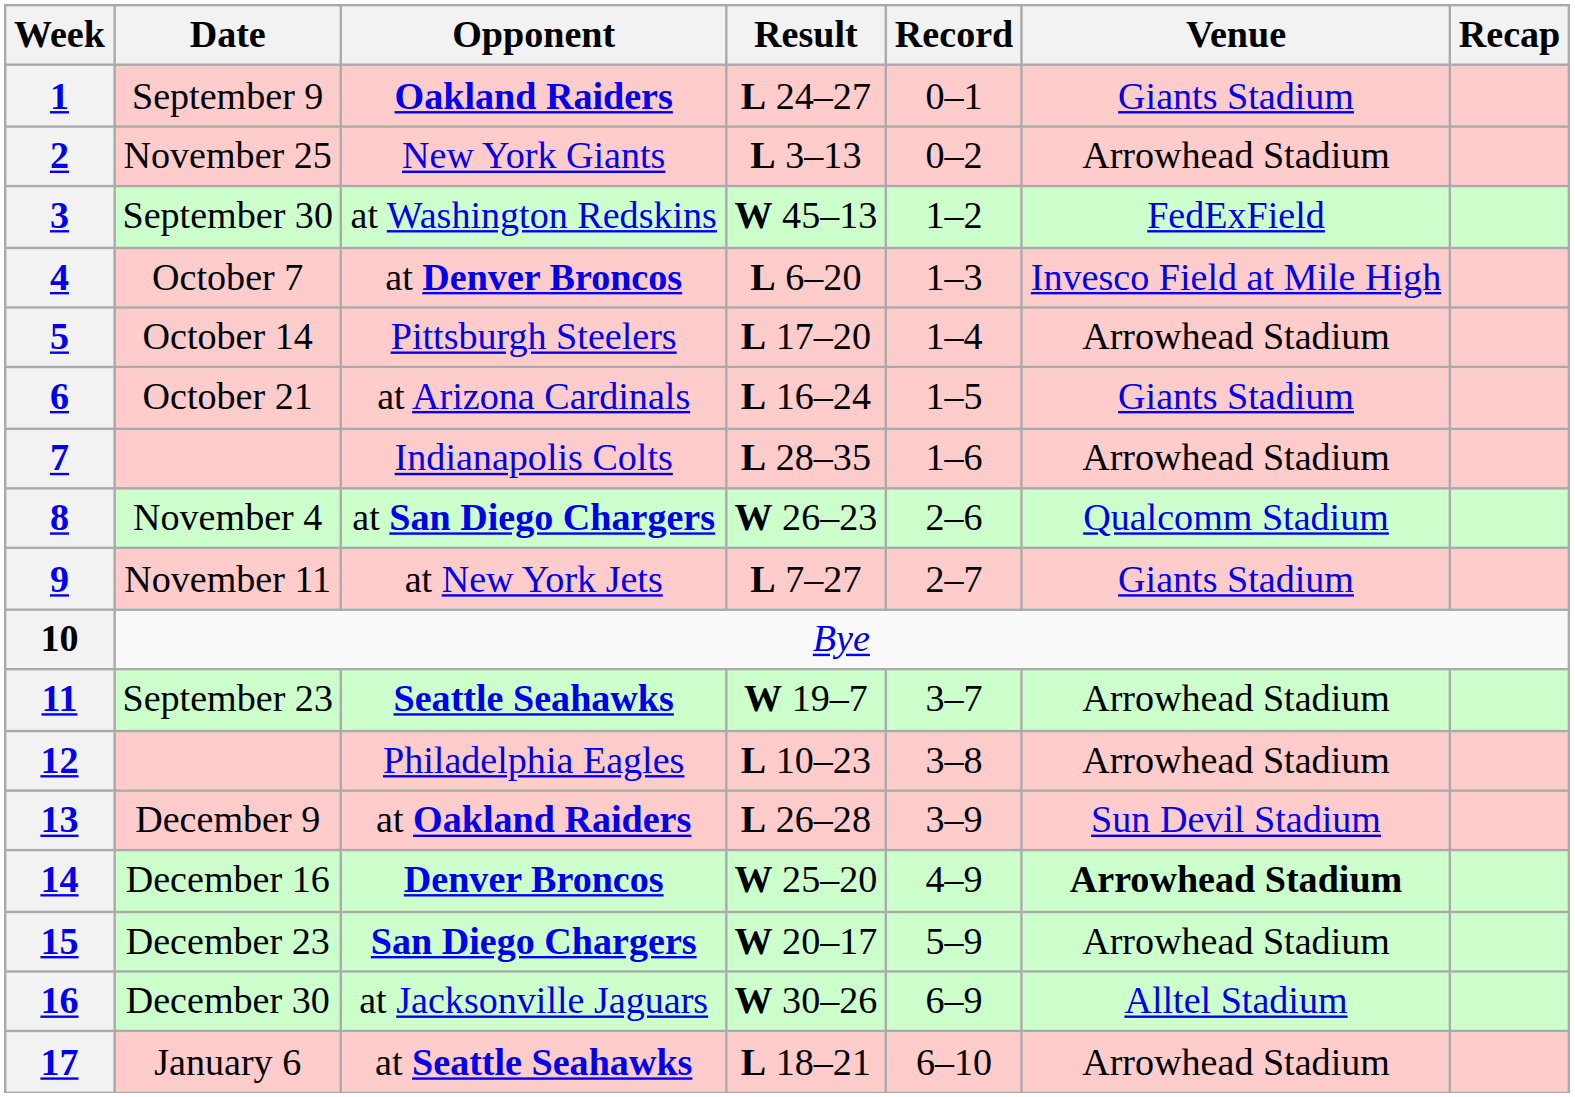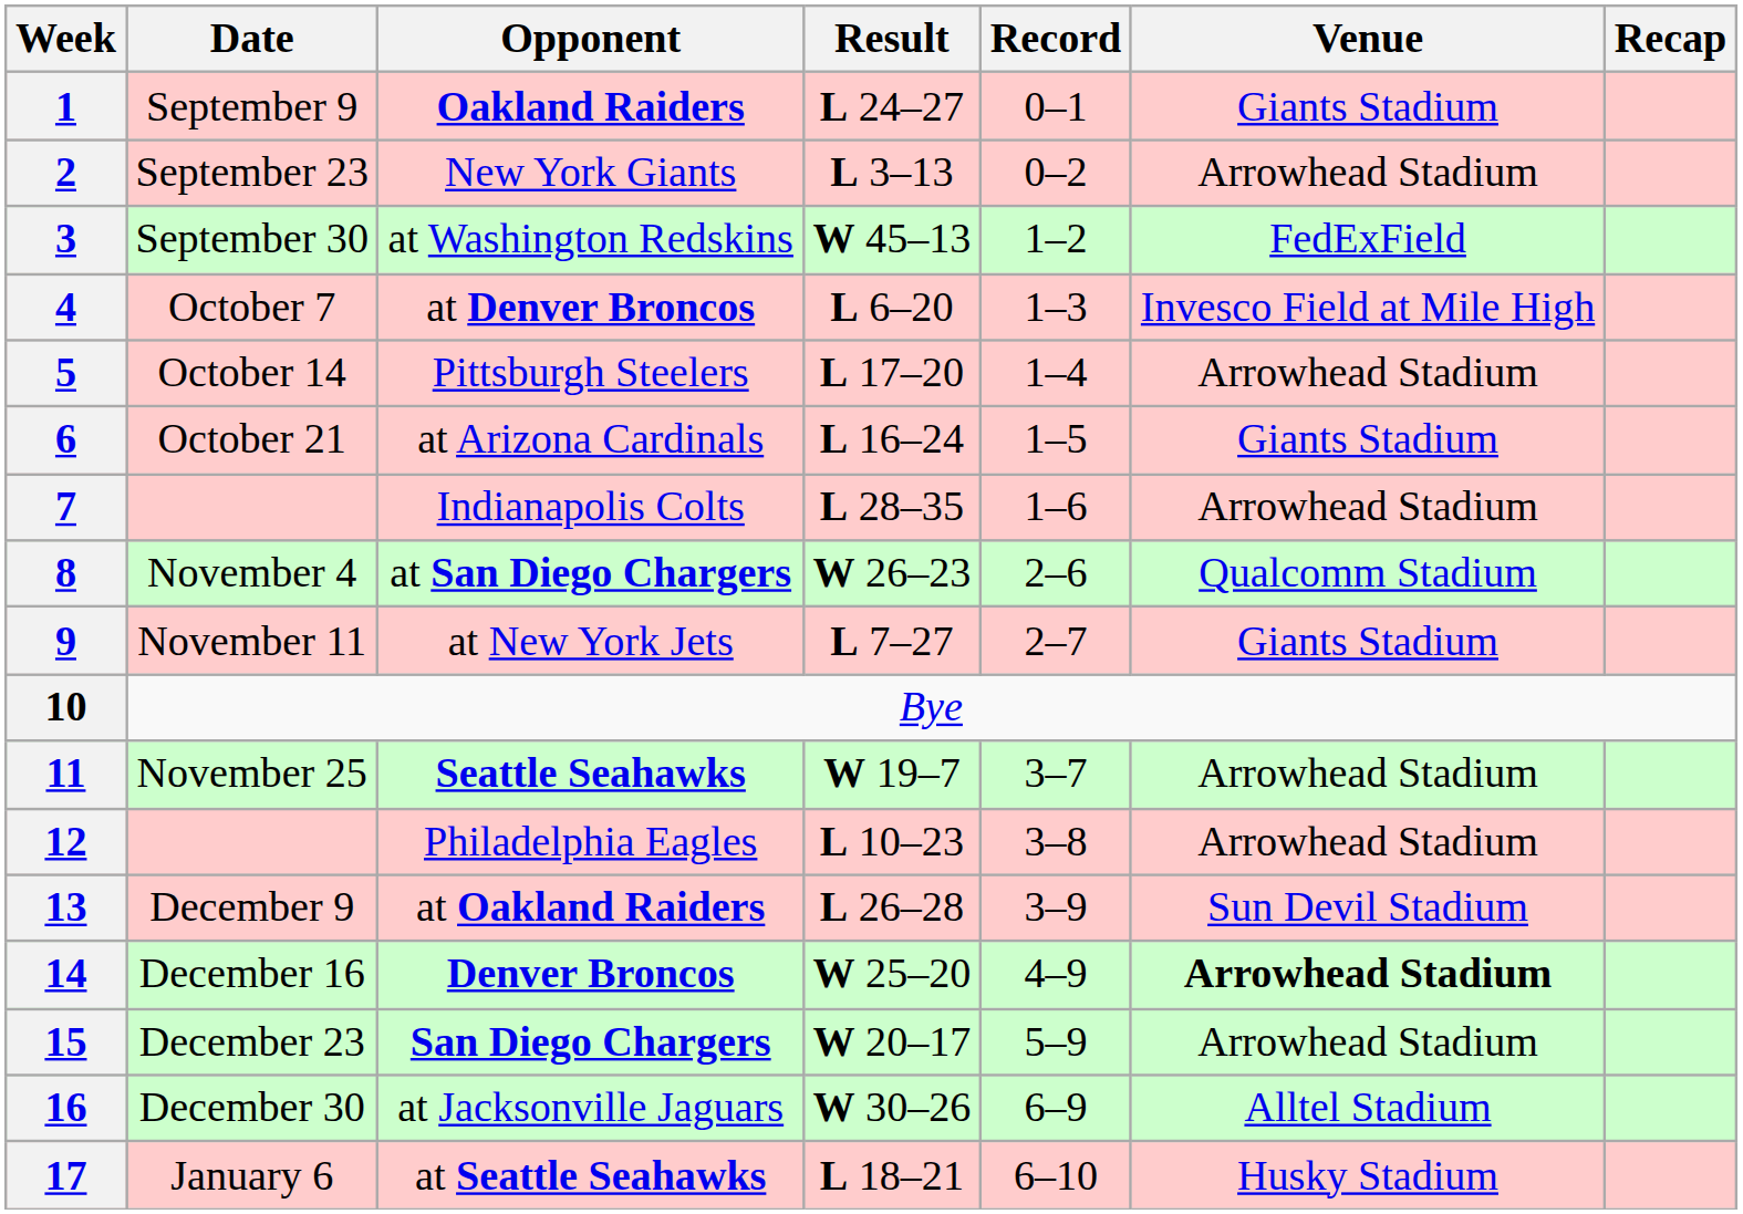 <table class="wikitable" style="text-align:center">
 <tr>
 <th>Week</th>
 <th>Date</th>
 <th>Opponent</th>
 <th>Result</th>
 <th>Record</th>
 <th>Venue</th>
 <th>Recap</th>
 </tr>
 <tr style="background:#fcc">
 <th><a href='#'>1</a></th>
 <td>September 9</td>
 <td><strong><a href='#'>Oakland Raiders</a></strong></td>
 <td><strong>L</strong> 24–27</td>
 <td>0–1</td>
 <td><a href='#'>Giants Stadium</a></td>
 <td></td>
 </tr>
 <tr style="background:#fcc">
 <th><a href='#'>2</a></th>
-<td>November 25</td>
+<td>September 23</td>
 <td><a href='#'>New York Giants</a></td>
 <td><strong>L</strong> 3–13</td>
 <td>0–2</td>
 <td>Arrowhead Stadium</td>
 <td></td>
 </tr>
 <tr style="background:#cfc">
 <th><a href='#'>3</a></th>
 <td>September 30</td>
 <td>at <a href='#'>Washington Redskins</a></td>
 <td><strong>W</strong> 45–13</td>
 <td>1–2</td>
 <td><a href='#'>FedExField</a></td>
 <td></td>
 </tr>
 <tr style="background:#fcc">
 <th><a href='#'>4</a></th>
 <td>October 7</td>
 <td>at <strong><a href='#'>Denver Broncos</a></strong></td>
 <td><strong>L</strong> 6–20</td>
 <td>1–3</td>
 <td><a href='#'>Invesco Field at Mile High</a></td>
 <td></td>
 </tr>
 <tr style="background:#fcc">
 <th><a href='#'>5</a></th>
 <td>October 14</td>
 <td><a href='#'>Pittsburgh Steelers</a></td>
 <td><strong>L</strong> 17–20</td>
 <td>1–4</td>
 <td>Arrowhead Stadium</td>
 <td></td>
 </tr>
 <tr style="background:#fcc">
 <th><a href='#'>6</a></th>
 <td>October 21</td>
 <td>at <a href='#'>Arizona Cardinals</a></td>
 <td><strong>L</strong> 16–24</td>
 <td>1–5</td>
 <td><a href='#'>Giants Stadium</a></td>
 <td></td>
 </tr>
 <tr style="background:#fcc">
 <th><a href='#'>7</a></th>
 <td></td>
 <td><a href='#'>Indianapolis Colts</a></td>
 <td><strong>L</strong> 28–35</td>
 <td>1–6</td>
 <td>Arrowhead Stadium</td>
 <td></td>
 </tr>
 <tr style="background:#cfc">
 <th><a href='#'>8</a></th>
 <td>November 4</td>
 <td>at <strong><a href='#'>San Diego Chargers</a></strong></td>
 <td><strong>W</strong> 26–23 </td>
 <td>2–6</td>
 <td><a href='#'>Qualcomm Stadium</a></td>
 <td></td>
 </tr>
 <tr style="background:#fcc">
 <th><a href='#'>9</a></th>
 <td>November 11</td>
 <td>at <a href='#'>New York Jets</a></td>
 <td><strong>L</strong> 7–27</td>
 <td>2–7</td>
 <td><a href='#'>Giants Stadium</a></td>
 <td></td>
 </tr>
 <tr>
 <th>10</th>
 <td colspan="6"><em><a href='#'>Bye</a></em></td>
 </tr>
 <tr style="background:#cfc">
 <th><a href='#'>11</a></th>
-<td>September 23</td>
+<td>November 25</td>
 <td><strong><a href='#'>Seattle Seahawks</a></strong></td>
 <td><strong>W</strong> 19–7</td>
 <td>3–7</td>
 <td>Arrowhead Stadium</td>
 <td></td>
 </tr>
 <tr style="background:#fcc">
 <th><a href='#'>12</a></th>
 <td></td>
 <td><a href='#'>Philadelphia Eagles</a></td>
 <td><strong>L</strong> 10–23</td>
 <td>3–8</td>
 <td>Arrowhead Stadium</td>
 <td></td>
 </tr>
 <tr style="background:#fcc">
 <th><a href='#'>13</a></th>
 <td>December 9</td>
 <td>at <strong><a href='#'>Oakland Raiders</a></strong></td>
 <td><strong>L</strong> 26–28</td>
 <td>3–9</td>
 <td><a href='#'>Sun Devil Stadium</a></td>
 <td></td>
 </tr>
 <tr style="background:#cfc">
 <th><a href='#'>14</a></th>
 <td>December 16</td>
 <td><strong><a href='#'>Denver Broncos</a></strong></td>
 <td><strong>W</strong> 25–20</td>
 <td>4–9</td>
 <td><strong>Arrowhead Stadium</strong></td>
 <td></td>
 </tr>
 <tr style="background:#cfc">
 <th><a href='#'>15</a></th>
 <td>December 23</td>
 <td><strong><a href='#'>San Diego Chargers</a></strong></td>
 <td><strong>W</strong> 20–17</td>
 <td>5–9</td>
 <td>Arrowhead Stadium</td>
 <td></td>
 </tr>
 <tr style="background:#cfc">
 <th><a href='#'>16</a></th>
 <td>December 30</td>
 <td>at <a href='#'>Jacksonville Jaguars</a></td>
 <td><strong>W</strong> 30–26</td>
 <td>6–9</td>
 <td><a href='#'>Alltel Stadium</a></td>
 <td></td>
 </tr>
 <tr style="background:#fcc">
 <th><a href='#'>17</a></th>
 <td>January 6</td>
 <td>at <strong><a href='#'>Seattle Seahawks</a></strong></td>
 <td><strong>L</strong> 18–21</td>
 <td>6–10</td>
-<td>Arrowhead Stadium</td>
+<td><a href='#'>Husky Stadium</a></td>
 <td></td>
 </tr>
 </table>
